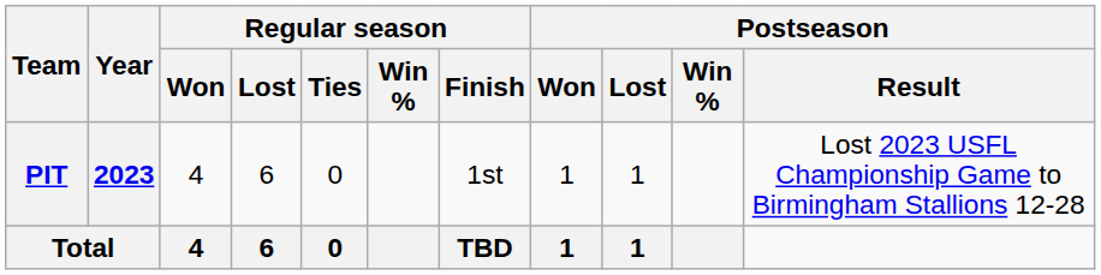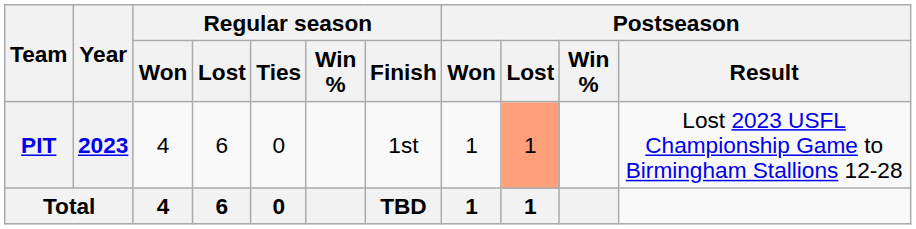 <table class="wikitable" style="font-size: 95%; text-align:center;">
 <tr>
 <th rowspan="2">Team</th>
 <th rowspan="2">Year</th>
 <th colspan="5">Regular season</th>
 <th colspan="5">Postseason</th>
 </tr>
 <tr>
 <th>Won</th>
 <th>Lost</th>
 <th>Ties</th>
 <th>Win %</th>
 <th>Finish</th>
 <th>Won</th>
 <th>Lost</th>
 <th>Win %</th>
 <th>Result</th>
 </tr>
 <tr>
 <th><a href='#'>PIT</a></th>
 <th><a href='#'>2023</a></th>
 <td>4</td>
 <td>6</td>
 <td>0</td>
 <td></td>
 <td>1st</td>
 <td>1</td>
-<td>1</td>
+<td style="background: lightsalmon;">1</td>
 <td></td>
 <td>Lost <a href='#'>2023 USFL Championship Game</a> to <a href='#'>Birmingham Stallions</a> 12-28</td>
 </tr>
 <tr>
 <th colspan="2">Total</th>
 <th>4</th>
 <th>6</th>
 <th>0</th>
 <th></th>
 <th>TBD</th>
 <th>1</th>
 <th>1</th>
 <th></th>
 </tr>
 </table>
